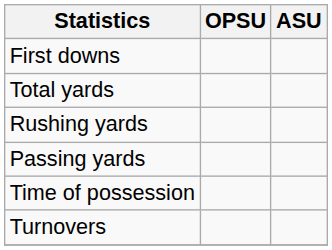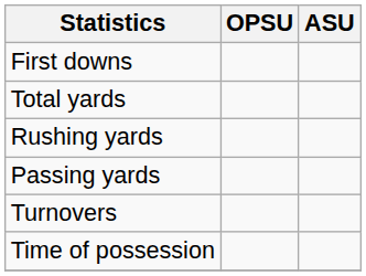 <table class="wikitable">
 <tr>
 <th>Statistics</th>
 <th>OPSU</th>
 <th>ASU</th>
 </tr>
 <tr>
 <td>First downs</td>
 <td></td>
 <td></td>
 </tr>
 <tr>
 <td>Total yards</td>
 <td></td>
 <td></td>
 </tr>
 <tr>
 <td>Rushing yards</td>
 <td></td>
 <td></td>
 </tr>
 <tr>
 <td>Passing yards</td>
 <td></td>
 <td></td>
 </tr>
 <tr>
-<td>Time of possession</td>
+<td>Turnovers</td>
 <td></td>
 <td></td>
 </tr>
 <tr>
-<td>Turnovers</td>
+<td>Time of possession</td>
 <td></td>
 <td></td>
 </tr>
 <tr>
 </tr>
 </table>
